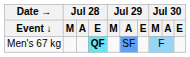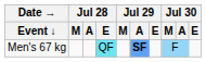 <table class="wikitable" style="margin:0.5em auto;">
 <tr>
 <th>Date →</th>
 <th colspan="3">Jul 28</th>
 <th colspan="3">Jul 29</th>
 <th colspan="3">Jul 30</th>
 </tr>
 <tr>
 <th>Event  ↓</th>
 <th>M</th>
 <th>A</th>
 <th>E</th>
 <th>M</th>
 <th>A</th>
 <th>E</th>
 <th>M</th>
 <th>A</th>
 <th>E</th>
 </tr>
 <tr>
 <td class="event">Men's 67 kg</td>
 <td></td>
 <td></td>
-<td bgcolor="#6be4f2" align=center><strong>QF</strong></td>
+<td bgcolor="#6be4f2" align=center>QF</td>
 <td></td>
-<td bgcolor="#5ea2f7" align=center>SF</td>
+<td bgcolor="#5ea2f7" align=center><strong>SF</strong></td>
 <td></td>
 <td colspan="2" bgcolor="#95d6f7" align=center>F</td>
 <td></td>
 </tr>
 </table>
